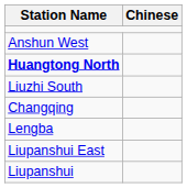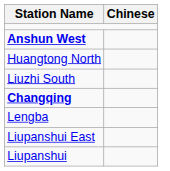 <table class="wikitable">
 <tr>
 <th>Station Name</th>
 <th>Chinese<br>   </th>
 </tr>
 <tr style="background:#">
 <td colspan = "11"></td>
 </tr>
 <tr>
-<td><a href='#'>Anshun West</a></td>
+<td><strong><a href='#'>Anshun West</a></strong></td>
 <td></td>
 </tr>
 <tr>
-<td><strong><a href='#'>Huangtong North</a></strong></td>
+<td><a href='#'>Huangtong North</a></td>
 <td></td>
 </tr>
 <tr>
 <td><a href='#'>Liuzhi South</a></td>
 <td></td>
 </tr>
 <tr>
-<td><a href='#'>Changqing</a></td>
+<td><strong><a href='#'>Changqing</a></strong></td>
 <td></td>
 </tr>
 <tr>
 <td><a href='#'>Lengba</a></td>
 <td></td>
 </tr>
 <tr>
 <td><a href='#'>Liupanshui East</a></td>
 <td></td>
 </tr>
 <tr>
 <td><a href='#'>Liupanshui</a></td>
 <td></td>
 </tr>
 </table>
